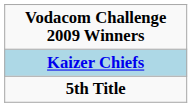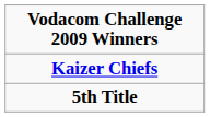 <table class="wikitable" style="text-align: center; margin: 0 auto; width: 20%">
 <tr>
 <td><strong>Vodacom Challenge</strong><br><strong>2009 Winners</strong></td>
 </tr>
 <tr>
-<td style="background: lightblue;"><strong><a href='#'>Kaizer Chiefs</a></strong></td>
+<td><strong><a href='#'>Kaizer Chiefs</a></strong></td>
 </tr>
 <tr>
 <td><strong>5th Title</strong></td>
 </tr>
 </table>
